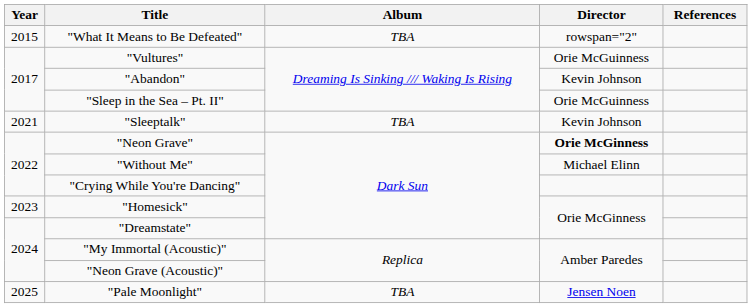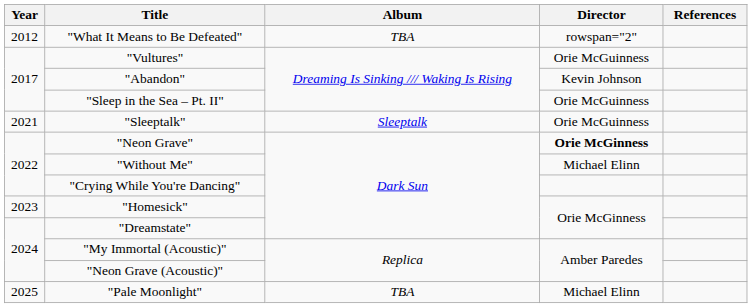 <table class="wikitable" style="width:70%; text-align:center;">
 <tr>
 <th>Year</th>
 <th>Title</th>
 <th>Album</th>
 <th>Director</th>
 <th>References</th>
 </tr>
 <tr>
-<td>2015</td>
+<td>2012</td>
 <td>"What It Means to Be Defeated"</td>
 <td><em>TBA</em></td>
 <td>rowspan="2" </td>
 <td></td>
 </tr>
 <tr>
 <td rowspan="3">2017</td>
 <td>"Vultures"</td>
 <td rowspan="3"><em><a href='#'>Dreaming Is Sinking /// Waking Is Rising</a></em></td>
 <td>Orie McGuinness</td>
 <td></td>
 </tr>
 <tr>
 <td>"Abandon"</td>
 <td>Kevin Johnson</td>
 <td></td>
 </tr>
 <tr>
 <td>"Sleep in the Sea – Pt. II"</td>
 <td>Orie McGuinness</td>
 <td></td>
 </tr>
 <tr>
 <td>2021</td>
 <td>"Sleeptalk"</td>
-<td><em>TBA</em></td>
-<td>Kevin Johnson</td>
+<td><em><a href='#'>Sleeptalk</a></em></td>
+<td>Orie McGuinness</td>
 <td></td>
 </tr>
 <tr>
 <td rowspan="3">2022</td>
 <td>"Neon Grave"</td>
 <td rowspan="5"><em><a href='#'>Dark Sun</a></em></td>
 <td><strong>Orie McGinness</strong></td>
 <td></td>
 </tr>
 <tr>
 <td>"Without Me"</td>
 <td>Michael Elinn</td>
 <td></td>
 </tr>
 <tr>
 <td>"Crying While You're Dancing"</td>
 <td></td>
 </tr>
 <tr>
 <td>2023</td>
 <td>"Homesick"</td>
 <td rowspan="2">Orie McGinness</td>
 <td></td>
 </tr>
 <tr>
 <td rowspan="3">2024</td>
 <td>"Dreamstate"</td>
 <td></td>
 </tr>
 <tr>
 <td>"My Immortal (Acoustic)"</td>
 <td rowspan="2"><em>Replica</em></td>
 <td rowspan="2">Amber Paredes</td>
 <td></td>
 </tr>
 <tr>
 <td>"Neon Grave (Acoustic)"</td>
 <td></td>
 </tr>
 <tr>
 <td>2025</td>
 <td>"Pale Moonlight"</td>
 <td><em>TBA</em></td>
-<td><a href='#'>Jensen Noen</a></td>
+<td>Michael Elinn</td>
 <td></td>
 </tr>
 </table>
